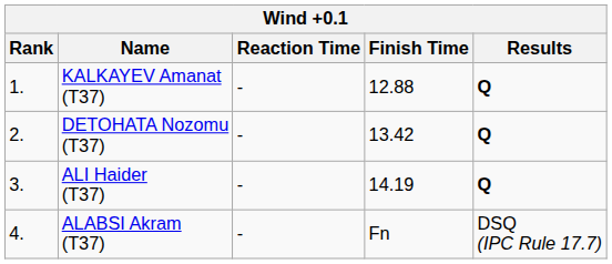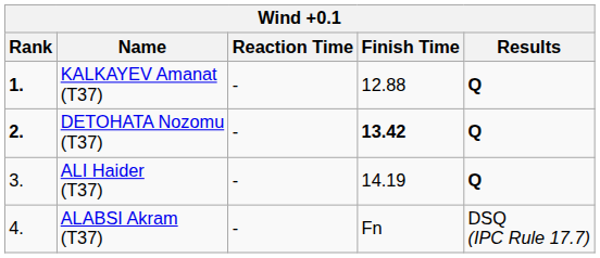 <table class="wikitable">
 <tr>
 <th colspan="5">Wind +0.1</th>
 </tr>
 <tr>
 <th>Rank</th>
 <th>Name</th>
 <th>Reaction Time</th>
 <th>Finish Time</th>
 <th>Results</th>
 </tr>
 <tr>
-<td>1.</td>
+<td><strong>1.</strong></td>
 <td><a href='#'>KALKAYEV Amanat</a><br>(T37) <br> </td>
 <td>-</td>
 <td>12.88</td>
 <td><strong>Q</strong></td>
 </tr>
 <tr>
-<td>2.</td>
+<td><strong>2.</strong></td>
 <td><a href='#'>DETOHATA Nozomu</a><br>(T37) <br> </td>
 <td>-</td>
-<td>13.42</td>
+<td><strong>13.42</strong></td>
 <td><strong>Q</strong></td>
 </tr>
 <tr>
 <td>3.</td>
 <td><a href='#'>ALI Haider</a><br>(T37) <br> </td>
 <td>-</td>
 <td>14.19</td>
 <td><strong>Q</strong></td>
 </tr>
 <tr>
 <td>4.</td>
 <td><a href='#'>ALABSI Akram</a><br>(T37) <br> </td>
 <td>-</td>
 <td>Fn</td>
 <td>DSQ<br><em>(IPC Rule 17.7)</em></td>
 </tr>
 </table>
